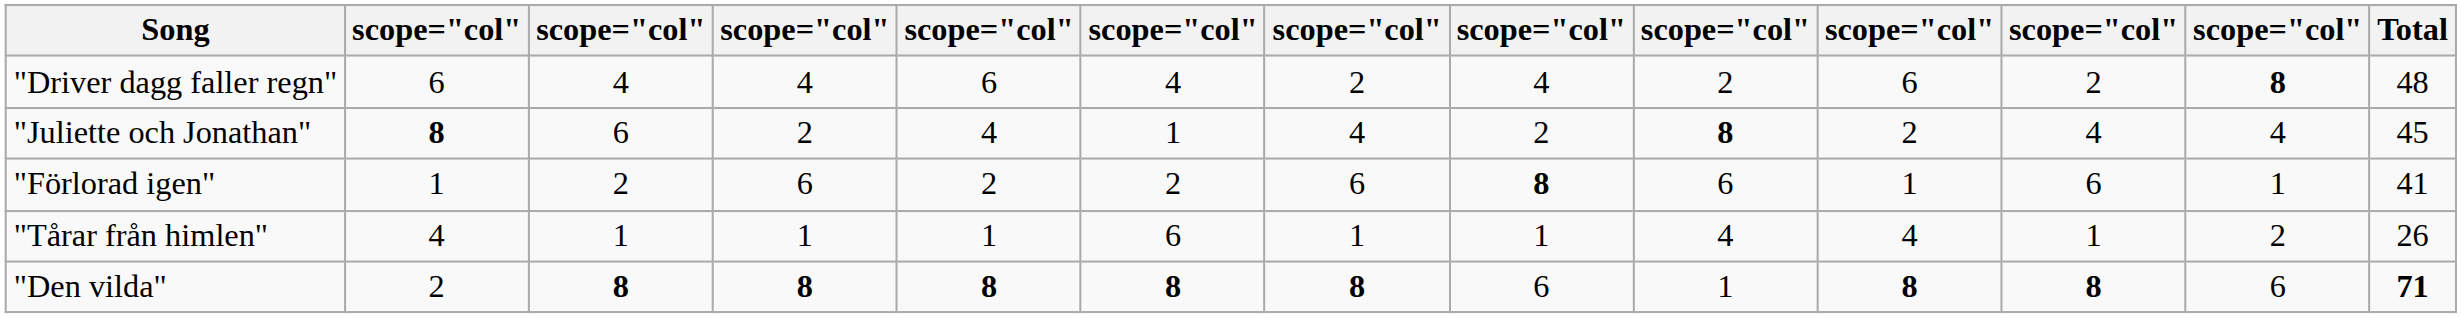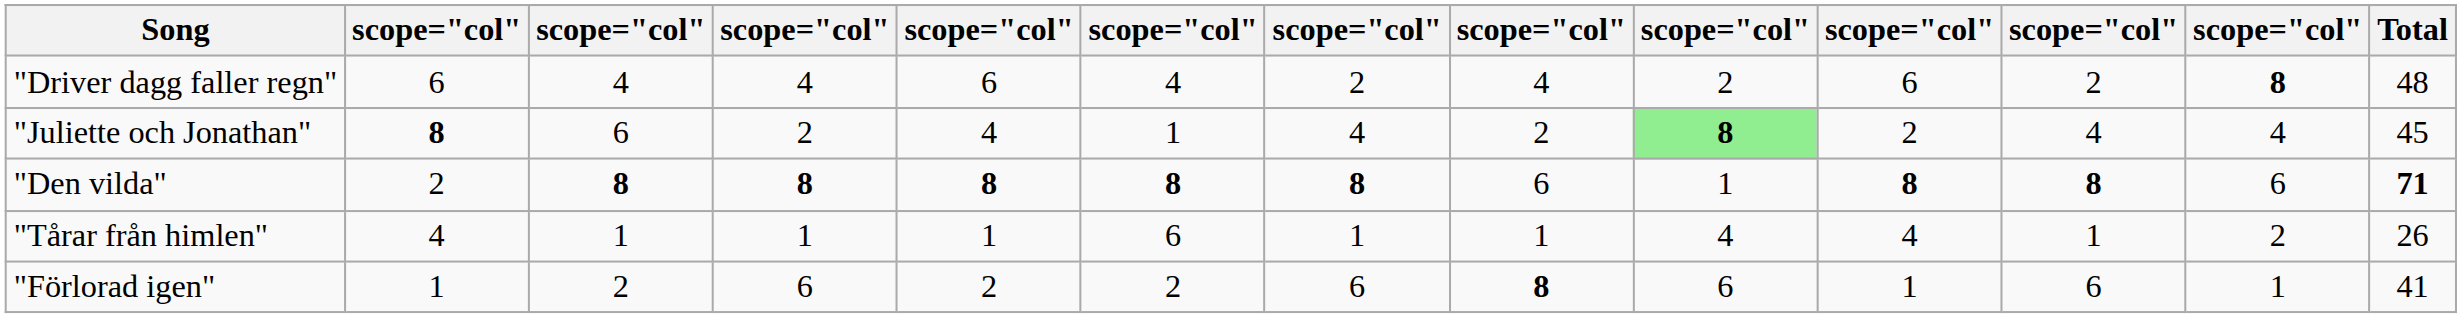 <table class="wikitable plainrowheaders" style="margin: 1em auto 1em auto; text-align:center;">
 <tr>
 </tr>
 <tr>
 <th scope="col">Song</th>
 <th>scope="col" </th>
 <th>scope="col" </th>
 <th>scope="col" </th>
 <th>scope="col" </th>
 <th>scope="col" </th>
 <th>scope="col" </th>
 <th>scope="col" </th>
 <th>scope="col" </th>
 <th>scope="col" </th>
 <th>scope="col" </th>
 <th>scope="col" </th>
 <th scope="col">Total</th>
 </tr>
 <tr>
 <td align="left">"Driver dagg faller regn"</td>
 <td>6</td>
 <td>4</td>
 <td>4</td>
 <td>6</td>
 <td>4</td>
 <td>2</td>
 <td>4</td>
 <td>2</td>
 <td>6</td>
 <td>2</td>
 <td><strong>8</strong></td>
 <td>48</td>
 </tr>
 <tr>
 <td align="left">"Juliette och Jonathan"</td>
 <td><strong>8</strong></td>
 <td>6</td>
 <td>2</td>
 <td>4</td>
 <td>1</td>
 <td>4</td>
 <td>2</td>
-<td><strong>8</strong></td>
+<td style="background: lightgreen;"><strong>8</strong></td>
 <td>2</td>
 <td>4</td>
 <td>4</td>
 <td>45</td>
 </tr>
 <tr>
-<td align="left">"Förlorad igen"</td>
-<td>1</td>
+<td align="left">"Den vilda"</td>
 <td>2</td>
-<td>6</td>
-<td>2</td>
-<td>2</td>
-<td>6</td>
+<td><strong>8</strong></td>
+<td><strong>8</strong></td>
+<td><strong>8</strong></td>
+<td><strong>8</strong></td>
 <td><strong>8</strong></td>
 <td>6</td>
 <td>1</td>
+<td><strong>8</strong></td>
+<td><strong>8</strong></td>
 <td>6</td>
-<td>1</td>
-<td>41</td>
+<td><strong>71</strong></td>
 </tr>
 <tr>
 <td align="left">"Tårar från himlen"</td>
 <td>4</td>
 <td>1</td>
 <td>1</td>
 <td>1</td>
 <td>6</td>
 <td>1</td>
 <td>1</td>
 <td>4</td>
 <td>4</td>
 <td>1</td>
 <td>2</td>
 <td>26</td>
 </tr>
 <tr>
-<td align="left">"Den vilda"</td>
+<td align="left">"Förlorad igen"</td>
+<td>1</td>
 <td>2</td>
-<td><strong>8</strong></td>
-<td><strong>8</strong></td>
-<td><strong>8</strong></td>
-<td><strong>8</strong></td>
+<td>6</td>
+<td>2</td>
+<td>2</td>
+<td>6</td>
 <td><strong>8</strong></td>
 <td>6</td>
 <td>1</td>
-<td><strong>8</strong></td>
-<td><strong>8</strong></td>
 <td>6</td>
-<td><strong>71</strong></td>
+<td>1</td>
+<td>41</td>
 </tr>
 </table>
